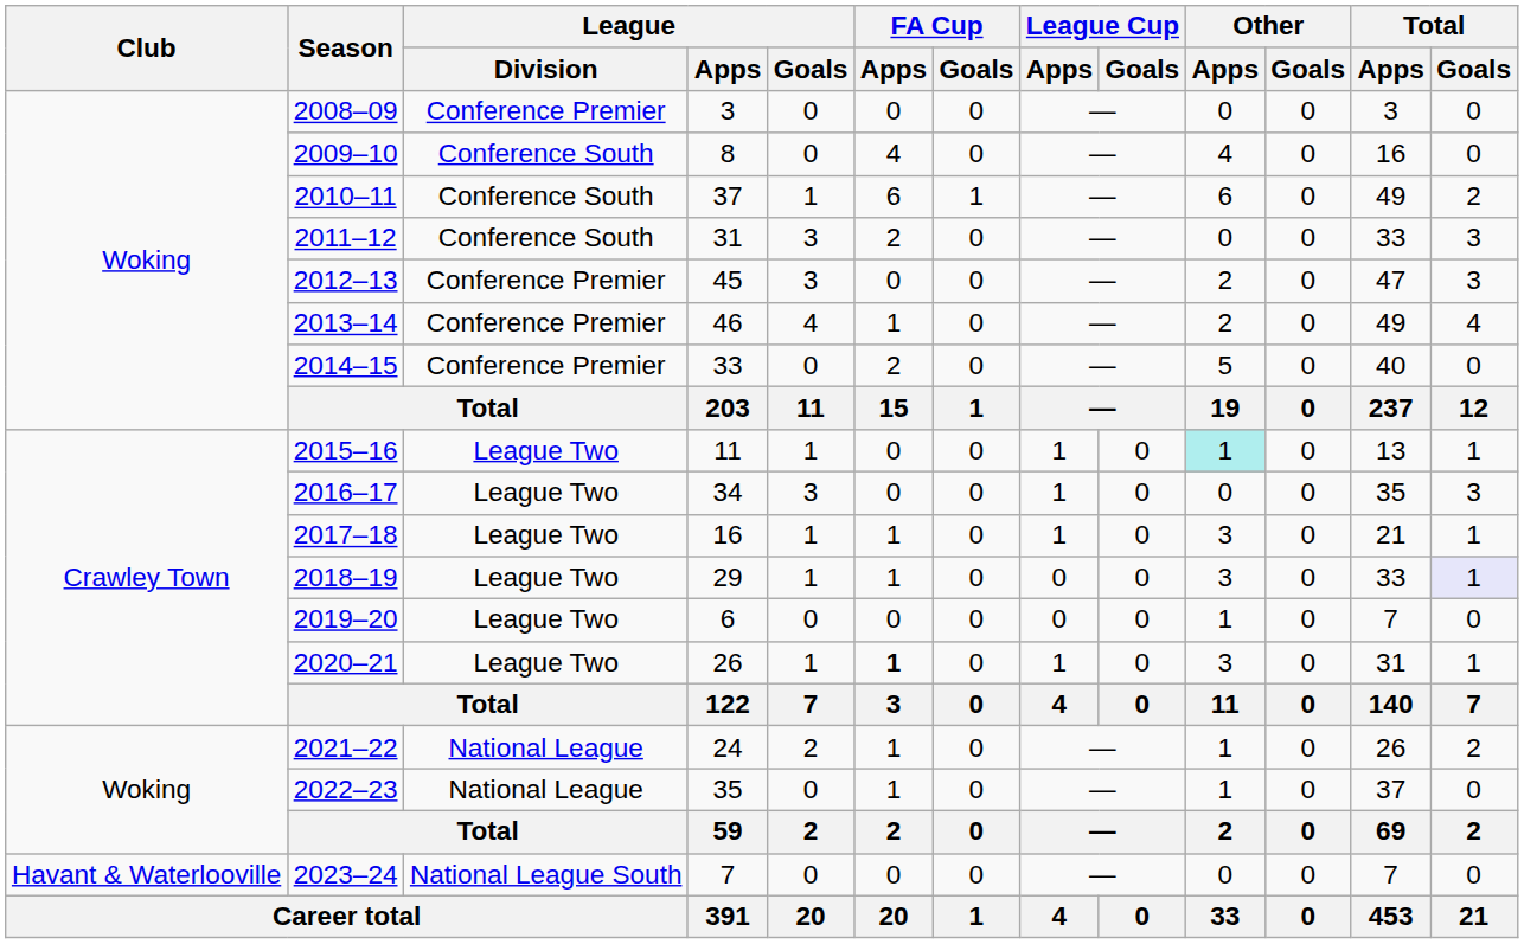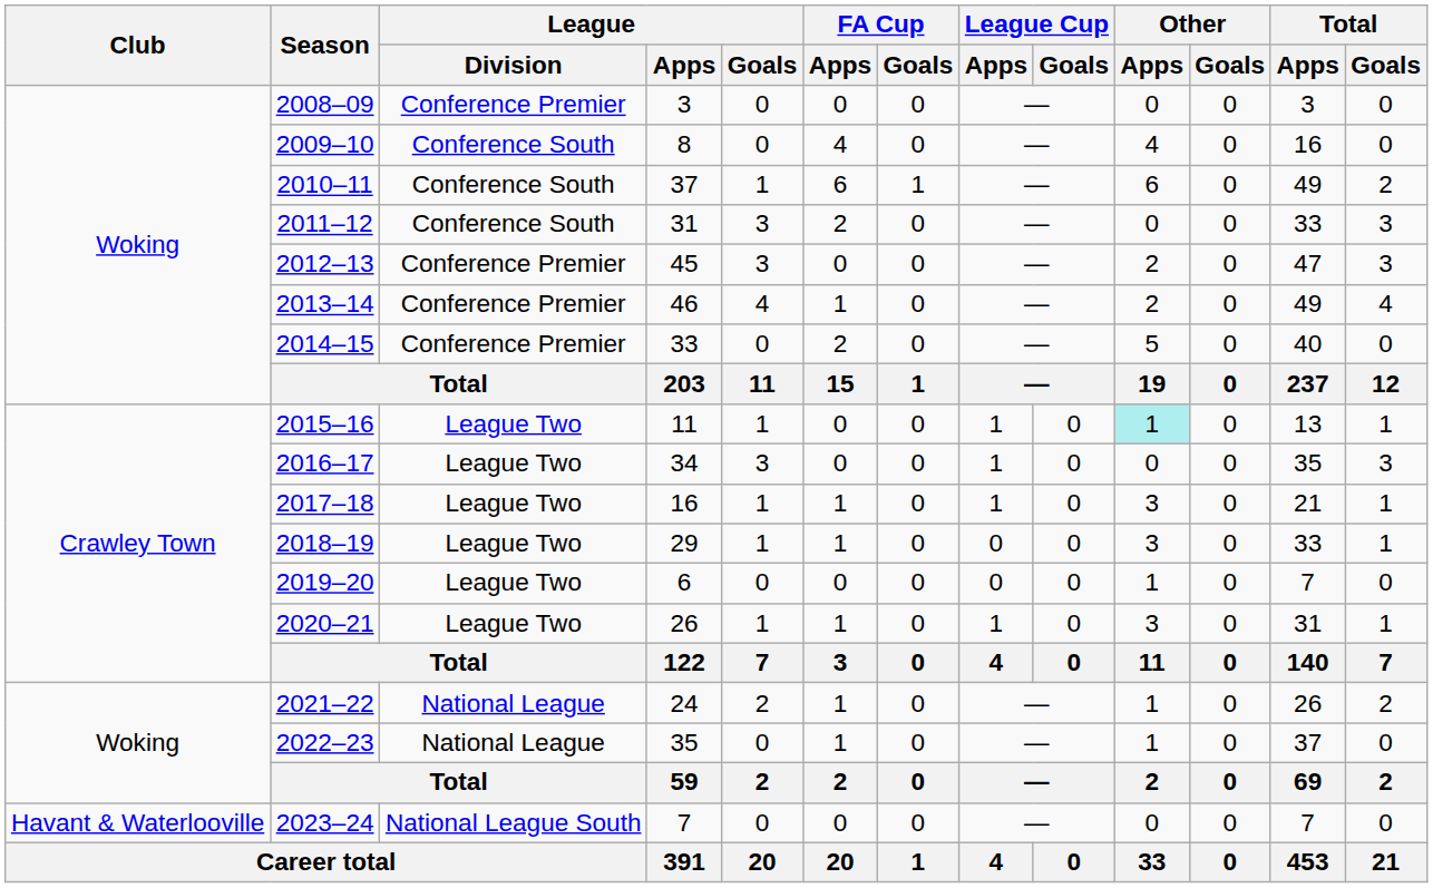 <table class="wikitable" style="text-align: center;">
 <tr>
 <th rowspan="2">Club</th>
 <th rowspan="2">Season</th>
 <th colspan="3">League</th>
 <th colspan="2"><a href='#'>FA Cup</a></th>
 <th colspan="2"><a href='#'>League Cup</a></th>
 <th colspan="2">Other</th>
 <th colspan="2">Total</th>
 </tr>
 <tr>
 <th>Division</th>
 <th>Apps</th>
 <th>Goals</th>
 <th>Apps</th>
 <th>Goals</th>
 <th>Apps</th>
 <th>Goals</th>
 <th>Apps</th>
 <th>Goals</th>
 <th>Apps</th>
 <th>Goals</th>
 </tr>
 <tr>
 <td rowspan="8"><a href='#'>Woking</a></td>
 <td><a href='#'>2008–09</a></td>
 <td><a href='#'>Conference Premier</a></td>
 <td>3</td>
 <td>0</td>
 <td>0</td>
 <td>0</td>
 <td colspan="2">—</td>
 <td>0</td>
 <td>0</td>
 <td>3</td>
 <td>0</td>
 </tr>
 <tr>
 <td><a href='#'>2009–10</a></td>
 <td><a href='#'>Conference South</a></td>
 <td>8</td>
 <td>0</td>
 <td>4</td>
 <td>0</td>
 <td colspan="2">—</td>
 <td>4</td>
 <td>0</td>
 <td>16</td>
 <td>0</td>
 </tr>
 <tr>
 <td><a href='#'>2010–11</a></td>
 <td>Conference South</td>
 <td>37</td>
 <td>1</td>
 <td>6</td>
 <td>1</td>
 <td colspan="2">—</td>
 <td>6</td>
 <td>0</td>
 <td>49</td>
 <td>2</td>
 </tr>
 <tr>
 <td><a href='#'>2011–12</a></td>
 <td>Conference South</td>
 <td>31</td>
 <td>3</td>
 <td>2</td>
 <td>0</td>
 <td colspan="2">—</td>
 <td>0</td>
 <td>0</td>
 <td>33</td>
 <td>3</td>
 </tr>
 <tr>
 <td><a href='#'>2012–13</a></td>
 <td>Conference Premier</td>
 <td>45</td>
 <td>3</td>
 <td>0</td>
 <td>0</td>
 <td colspan="2">—</td>
 <td>2</td>
 <td>0</td>
 <td>47</td>
 <td>3</td>
 </tr>
 <tr>
 <td><a href='#'>2013–14</a></td>
 <td>Conference Premier</td>
 <td>46</td>
 <td>4</td>
 <td>1</td>
 <td>0</td>
 <td colspan="2">—</td>
 <td>2</td>
 <td>0</td>
 <td>49</td>
 <td>4</td>
 </tr>
 <tr>
 <td><a href='#'>2014–15</a></td>
 <td>Conference Premier</td>
 <td>33</td>
 <td>0</td>
 <td>2</td>
 <td>0</td>
 <td colspan="2">—</td>
 <td>5</td>
 <td>0</td>
 <td>40</td>
 <td>0</td>
 </tr>
 <tr>
 <th colspan="2">Total</th>
 <th>203</th>
 <th>11</th>
 <th>15</th>
 <th>1</th>
 <th colspan="2">—</th>
 <th>19</th>
 <th>0</th>
 <th>237</th>
 <th>12</th>
 </tr>
 <tr>
 <td rowspan="7"><a href='#'>Crawley Town</a></td>
 <td><a href='#'>2015–16</a></td>
 <td><a href='#'>League Two</a></td>
 <td>11</td>
 <td>1</td>
 <td>0</td>
 <td>0</td>
 <td>1</td>
 <td>0</td>
 <td style="background: paleturquoise;">1</td>
 <td>0</td>
 <td>13</td>
 <td>1</td>
 </tr>
 <tr>
 <td><a href='#'>2016–17</a></td>
 <td>League Two</td>
 <td>34</td>
 <td>3</td>
 <td>0</td>
 <td>0</td>
 <td>1</td>
 <td>0</td>
 <td>0</td>
 <td>0</td>
 <td>35</td>
 <td>3</td>
 </tr>
 <tr>
 <td><a href='#'>2017–18</a></td>
 <td>League Two</td>
 <td>16</td>
 <td>1</td>
 <td>1</td>
 <td>0</td>
 <td>1</td>
 <td>0</td>
 <td>3</td>
 <td>0</td>
 <td>21</td>
 <td>1</td>
 </tr>
 <tr>
 <td><a href='#'>2018–19</a></td>
 <td>League Two</td>
 <td>29</td>
 <td>1</td>
 <td>1</td>
 <td>0</td>
 <td>0</td>
 <td>0</td>
 <td>3</td>
 <td>0</td>
 <td>33</td>
-<td style="background: lavender;">1</td>
+<td>1</td>
 </tr>
 <tr>
 <td><a href='#'>2019–20</a></td>
 <td>League Two</td>
 <td>6</td>
 <td>0</td>
 <td>0</td>
 <td>0</td>
 <td>0</td>
 <td>0</td>
 <td>1</td>
 <td>0</td>
 <td>7</td>
 <td>0</td>
 </tr>
 <tr>
 <td><a href='#'>2020–21</a></td>
 <td>League Two</td>
 <td>26</td>
 <td>1</td>
-<td><strong>1</strong></td>
+<td>1</td>
 <td>0</td>
 <td>1</td>
 <td>0</td>
 <td>3</td>
 <td>0</td>
 <td>31</td>
 <td>1</td>
 </tr>
 <tr>
 <th colspan="2">Total</th>
 <th>122</th>
 <th>7</th>
 <th>3</th>
 <th>0</th>
 <th>4</th>
 <th>0</th>
 <th>11</th>
 <th>0</th>
 <th>140</th>
 <th>7</th>
 </tr>
 <tr>
 <td rowspan="3">Woking</td>
 <td><a href='#'>2021–22</a></td>
 <td><a href='#'>National League</a></td>
 <td>24</td>
 <td>2</td>
 <td>1</td>
 <td>0</td>
 <td colspan="2">—</td>
 <td>1</td>
 <td>0</td>
 <td>26</td>
 <td>2</td>
 </tr>
 <tr>
 <td><a href='#'>2022–23</a></td>
 <td>National League</td>
 <td>35</td>
 <td>0</td>
 <td>1</td>
 <td>0</td>
 <td colspan="2">—</td>
 <td>1</td>
 <td>0</td>
 <td>37</td>
 <td>0</td>
 </tr>
 <tr>
 <th colspan="2">Total</th>
 <th>59</th>
 <th>2</th>
 <th>2</th>
 <th>0</th>
 <th colspan="2">—</th>
 <th>2</th>
 <th>0</th>
 <th>69</th>
 <th>2</th>
 </tr>
 <tr>
 <td><a href='#'>Havant & Waterlooville</a></td>
 <td><a href='#'>2023–24</a></td>
 <td><a href='#'>National League South</a></td>
 <td>7</td>
 <td>0</td>
 <td>0</td>
 <td>0</td>
 <td colspan="2">—</td>
 <td>0</td>
 <td>0</td>
 <td>7</td>
 <td>0</td>
 </tr>
 <tr>
 <th colspan="3">Career total</th>
 <th>391</th>
 <th>20</th>
 <th>20</th>
 <th>1</th>
 <th>4</th>
 <th>0</th>
 <th>33</th>
 <th>0</th>
 <th>453</th>
 <th>21</th>
 </tr>
 </table>
